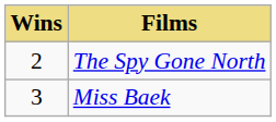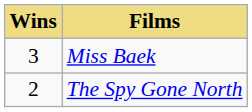 <table class="wikitable" align="center">
 <tr>
 <th style="background:#EEDD82; text-align:center">Wins</th>
 <th style="background:#EEDD82; text-align:center">Films</th>
 </tr>
 <tr>
+<td style="text-align:center">3</td>
+<td><em><a href='#'>Miss Baek</a></em></td>
+</tr>
+<tr>
 <td style="text-align:center">2</td>
 <td><em><a href='#'>The Spy Gone North</a></em></td>
 </tr>
-<tr>
-<td style="text-align:center">3</td>
-<td><em><a href='#'>Miss Baek</a></em></td>
-</tr>
 </table>
